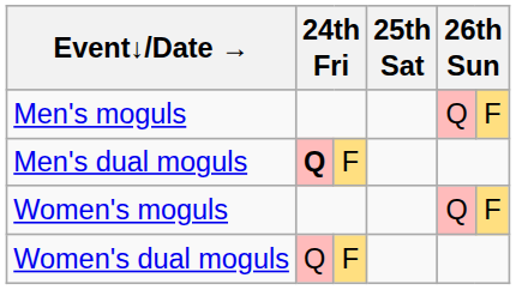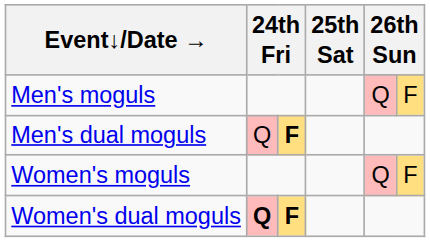 <table class="wikitable" style="margin:0.5em auto; font-size:90%; line-height:1.25em; text-align:center;">
 <tr>
 <th>Event↓/Date →</th>
 <th colspan=2>24th<br>Fri</th>
 <th>25th<br>Sat</th>
 <th colspan=2>26th<br>Sun</th>
 </tr>
 <tr>
 <td align="left"><a href='#'>Men's moguls</a></td>
 <td colspan=2></td>
 <td></td>
 <td bgcolor="#FFBBBB">Q</td>
 <td bgcolor="#FFDF80">F</td>
 </tr>
 <tr>
 <td align="left"><a href='#'>Men's dual moguls</a></td>
-<td bgcolor="#FFBBBB"><strong>Q</strong></td>
-<td bgcolor="#FFDF80">F</td>
+<td bgcolor="#FFBBBB">Q</td>
+<td bgcolor="#FFDF80"><strong>F</strong></td>
 <td></td>
 <td colspan=2></td>
 </tr>
 <tr>
 <td align="left"><a href='#'>Women's moguls</a></td>
 <td colspan=2></td>
 <td></td>
 <td bgcolor="#FFBBBB">Q</td>
 <td bgcolor="#FFDF80">F</td>
 </tr>
 <tr>
 <td align="left"><a href='#'>Women's dual moguls</a></td>
-<td bgcolor="#FFBBBB">Q</td>
-<td bgcolor="#FFDF80">F</td>
+<td bgcolor="#FFBBBB"><strong>Q</strong></td>
+<td bgcolor="#FFDF80"><strong>F</strong></td>
 <td></td>
 <td colspan=2></td>
 </tr>
 </table>
